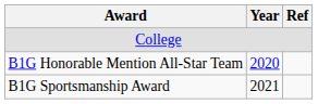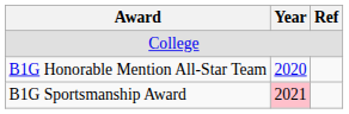 <table class="wikitable">
 <tr>
 <th>Award</th>
 <th>Year</th>
 <th>Ref</th>
 </tr>
 <tr ALIGN="center" bgcolor="#e0e0e0">
 <td colspan="3"><a href='#'>College</a></td>
 </tr>
 <tr>
 <td><a href='#'>B1G</a> Honorable Mention All-Star Team</td>
 <td><a href='#'>2020</a></td>
 <td></td>
 </tr>
 <tr>
 <td>B1G Sportsmanship Award</td>
-<td>2021</td>
+<td style="background: pink;">2021</td>
 <td></td>
 </tr>
 </table>
